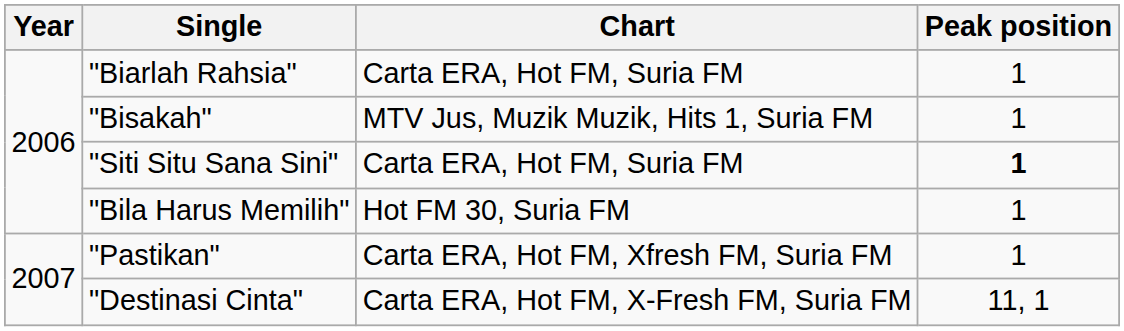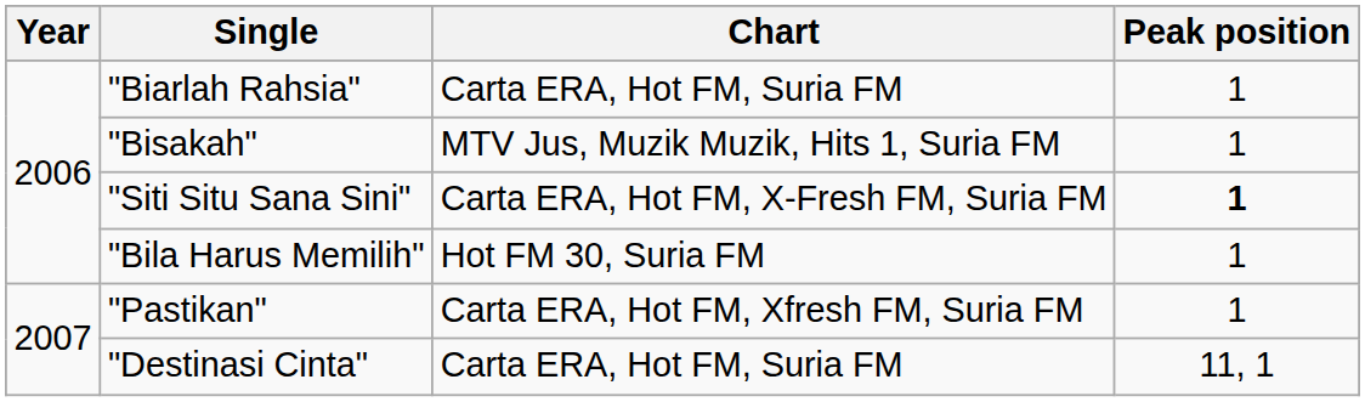 <table class="wikitable">
 <tr>
 <th>Year</th>
 <th>Single</th>
 <th>Chart</th>
 <th>Peak position</th>
 </tr>
 <tr>
 <td rowspan="4">2006</td>
 <td>"Biarlah Rahsia"</td>
 <td>Carta ERA, Hot FM, Suria FM</td>
 <td align="center">1</td>
 </tr>
 <tr>
 <td>"Bisakah"</td>
 <td>MTV Jus, Muzik Muzik, Hits 1, Suria FM</td>
 <td align="center">1</td>
 </tr>
 <tr>
 <td>"Siti Situ Sana Sini"</td>
-<td>Carta ERA, Hot FM, Suria FM</td>
+<td>Carta ERA, Hot FM, X-Fresh FM, Suria FM</td>
 <td align="center"><strong>1</strong></td>
 </tr>
 <tr>
 <td>"Bila Harus Memilih"</td>
 <td>Hot FM 30, Suria FM</td>
 <td align="center">1</td>
 </tr>
 <tr>
 <td rowspan="2">2007</td>
 <td>"Pastikan"</td>
 <td>Carta ERA, Hot FM, Xfresh FM, Suria FM</td>
 <td align="center">1</td>
 </tr>
 <tr>
 <td>"Destinasi Cinta"</td>
-<td>Carta ERA, Hot FM, X-Fresh FM, Suria FM</td>
+<td>Carta ERA, Hot FM, Suria FM</td>
 <td align="center">11,  1</td>
 </tr>
 </table>
